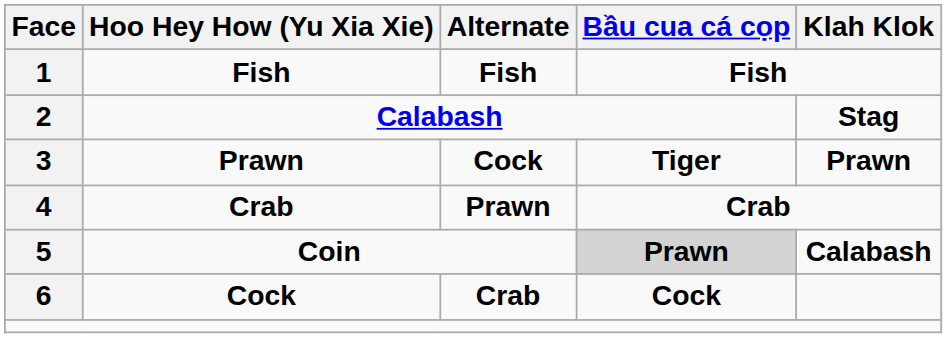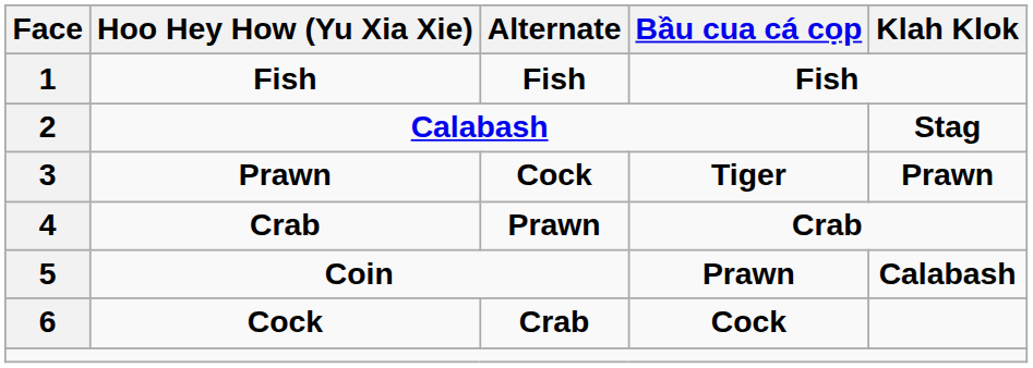 <table class="wikitable" style="font-size:100%;text-align:center;">
 <tr>
 <th>Face</th>
 <th>Hoo Hey How (Yu Xia Xie)</th>
 <th>Alternate</th>
 <th><a href='#'>Bầu cua cá cọp</a></th>
 <th>Klah Klok</th>
 </tr>
 <tr>
 <th>1</th>
 <td><strong><span>Fish</span></strong></td>
 <td><strong><span>Fish</span></strong></td>
 <td colspan=2><strong><span>Fish</span></strong></td>
 </tr>
 <tr>
 <th>2</th>
 <td colspan=3><strong><span><a href='#'>Calabash</a></span></strong></td>
 <td><strong><span>Stag</span></strong></td>
 </tr>
 <tr>
 <th>3</th>
 <td><strong><span>Prawn</span></strong></td>
 <td><strong><span>Cock</span></strong></td>
 <td><strong>Tiger</strong></td>
 <td><strong>Prawn</strong></td>
 </tr>
 <tr>
 <th>4</th>
 <td><strong><span>Crab</span></strong></td>
 <td><strong><span>Prawn</span></strong></td>
 <td colspan=2><strong><span>Crab</span></strong></td>
 </tr>
 <tr>
 <th>5</th>
 <td colspan=2><strong><span>Coin</span></strong></td>
-<td style="background: lightgrey;"><strong><span>Prawn</span></strong></td>
+<td><strong><span>Prawn</span></strong></td>
 <td><strong><span>Calabash</span></strong></td>
 </tr>
 <tr>
 <th>6</th>
 <td><strong><span>Cock</span></strong></td>
 <td><strong><span>Crab</span></strong></td>
 <td><strong><span>Cock</span></strong></td>
 <td><strong><span></span></strong></td>
 </tr>
 <tr>
 <td colspan=5></td>
 </tr>
 </table>
